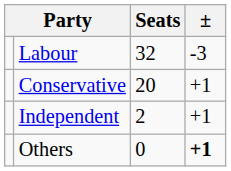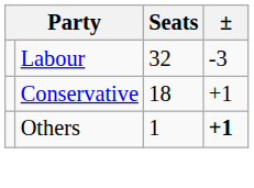 <table class="wikitable">
 <tr>
 <th colspan="2">Party</th>
 <th>Seats</th>
 <th>  ±  </th>
 </tr>
 <tr>
 <td style="background-color: "></td>
 <td><a href='#'>Labour</a></td>
 <td>32</td>
 <td>-3</td>
 </tr>
 <tr>
 <td style="background-color: "></td>
 <td><a href='#'>Conservative</a></td>
-<td>20</td>
-<td>+1</td>
-</tr>
-<tr>
-<td style="backgrouns-color: "></td>
-<td><a href='#'>Independent</a></td>
-<td>2</td>
+<td>18</td>
 <td>+1</td>
 </tr>
 <tr>
 <td style="background-color: "></td>
 <td>Others</td>
-<td>0</td>
+<td>1</td>
 <td><strong>+1</strong></td>
 </tr>
 </table>
